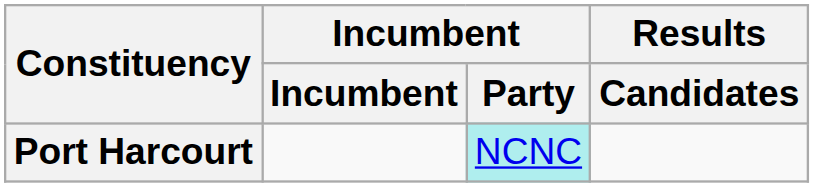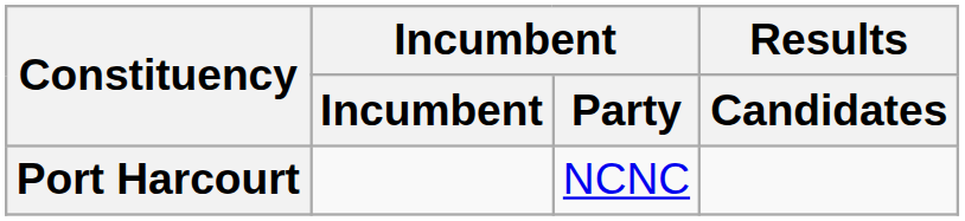 <table class="wikitable sortable">
 <tr>
 <th rowspan="2">Constituency</th>
 <th colspan="2">Incumbent</th>
 <th>Results</th>
 </tr>
 <tr valign="bottom">
 <th>Incumbent</th>
 <th>Party</th>
 <th>Candidates</th>
 </tr>
 <tr>
 <th>Port Harcourt</th>
 <td></td>
-<td style="background: paleturquoise;"><a href='#'>NCNC</a></td>
+<td><a href='#'>NCNC</a></td>
 <td nowrap=""></td>
 </tr>
 </table>
